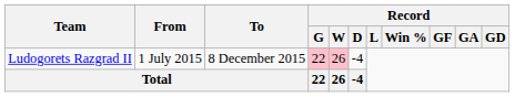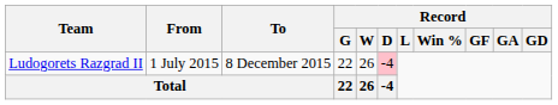 <table class="wikitable" style="text-align: center">
 <tr>
 <th rowspan=2>Team</th>
 <th rowspan=2>From</th>
 <th rowspan=2>To</th>
 <th colspan=8>Record</th>
 </tr>
 <tr>
 <th>G</th>
 <th>W</th>
 <th>D</th>
 <th>L</th>
 <th>Win %</th>
 <th>GF</th>
 <th>GA</th>
 <th>GD</th>
 </tr>
 <tr>
 <td align=left> <a href='#'>Ludogorets Razgrad II</a></td>
 <td align=left>1 July 2015</td>
 <td align=left>8 December 2015<br></td>
-<td align=centre style="background: pink;">22</td>
-<td align=centre style="background: pink;">26</td>
-<td align=centre>-4</td>
+<td align=centre>22</td>
+<td align=centre>26</td>
+<td align=centre style="background: pink;">-4</td>
 </tr>
 <tr>
 <th colspan=3>Total<br></th>
 <th align=centre>22</th>
 <th align=centre>26</th>
 <th align=centre>-4</th>
 </tr>
 </table>
